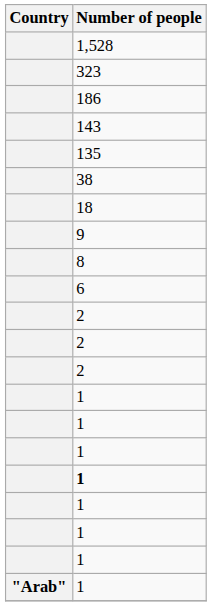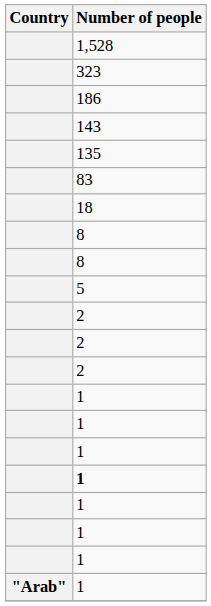 <table class="wikitable sortable floatright plainrowheaders" style="clear:right; margin-left:7px; margin-top:0; margin-right:0; margin-bottom:3px; font-size:90%;">
 <tr>
 <th>Country</th>
 <th>Number of people</th>
 </tr>
 <tr>
 <th></th>
 <td>1,528</td>
 </tr>
 <tr>
 <th></th>
 <td>323</td>
 </tr>
 <tr>
 <th></th>
 <td>186</td>
 </tr>
 <tr>
 <th></th>
 <td>143</td>
 </tr>
 <tr>
 <th></th>
 <td>135</td>
 </tr>
 <tr>
 <th></th>
-<td>38</td>
+<td>83</td>
 </tr>
 <tr>
 <th></th>
 <td>18</td>
 </tr>
 <tr>
 <th></th>
-<td>9</td>
+<td>8</td>
 </tr>
 <tr>
 <th></th>
 <td>8</td>
 </tr>
 <tr>
 <th></th>
-<td>6</td>
+<td>5</td>
 </tr>
 <tr>
 <th></th>
 <td>2</td>
 </tr>
 <tr>
 <th></th>
 <td>2</td>
 </tr>
 <tr>
 <th></th>
 <td>2</td>
 </tr>
 <tr>
 <th></th>
 <td>1</td>
 </tr>
 <tr>
 <th></th>
 <td>1</td>
 </tr>
 <tr>
 <th></th>
 <td>1</td>
 </tr>
 <tr>
 <th></th>
 <td><strong>1</strong></td>
 </tr>
 <tr>
 <th></th>
 <td>1</td>
 </tr>
 <tr>
 <th></th>
 <td>1</td>
 </tr>
 <tr>
 <th></th>
 <td>1</td>
 </tr>
 <tr>
 <th>"Arab"</th>
 <td>1</td>
 </tr>
 <tr>
 </tr>
 </table>
